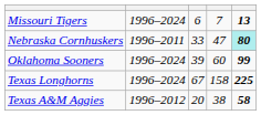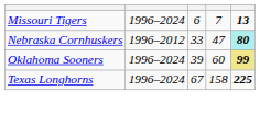 <table class="wikitable sortable">
 <tr>
 <th></th>
 <th></th>
 <th></th>
 <th></th>
 <th></th>
 </tr>
 <tr>
 <td><em><a href='#'>Missouri Tigers</a></em></td>
 <td><em>1996–2024</em></td>
 <td style="text-align: center;"><em>6</em></td>
 <td style="text-align: center;"><em>7</em></td>
 <td style="text-align: center;"><strong><em>13</em></strong></td>
 </tr>
 <tr>
 <td><em><a href='#'>Nebraska Cornhuskers</a></em></td>
-<td><em>1996–2011</em></td>
+<td><em>1996–2012</em></td>
 <td style="text-align: center;"><em>33</em></td>
 <td style="text-align: center;"><em>47</em></td>
 <td style="background: paleturquoise; text-align: center;"><strong><em>80</em></strong></td>
 </tr>
 <tr>
 <td><em><a href='#'>Oklahoma Sooners</a></em></td>
 <td><em>1996–2024</em></td>
 <td style="text-align: center;"><em>39</em></td>
 <td style="text-align: center;"><em>60</em></td>
-<td style="text-align: center;"><strong><em>99</em></strong></td>
+<td style="background: khaki; text-align: center;"><strong><em>99</em></strong></td>
 </tr>
 <tr>
 <td><em><a href='#'>Texas Longhorns</a></em></td>
 <td><em>1996–2024</em></td>
 <td style="text-align: center;"><em>67</em></td>
 <td style="text-align: center;"><em>158</em></td>
 <td style="text-align: center;"><strong><em>225</em></strong></td>
 </tr>
-<tr>
-<td><em><a href='#'>Texas A&M Aggies</a></em></td>
-<td><em>1996–2012</em></td>
-<td style="text-align: center;"><em>20</em></td>
-<td style="text-align: center;"><em>38</em></td>
-<td style="text-align: center;"><strong><em>58</em></strong></td>
-</tr>
 </table>
